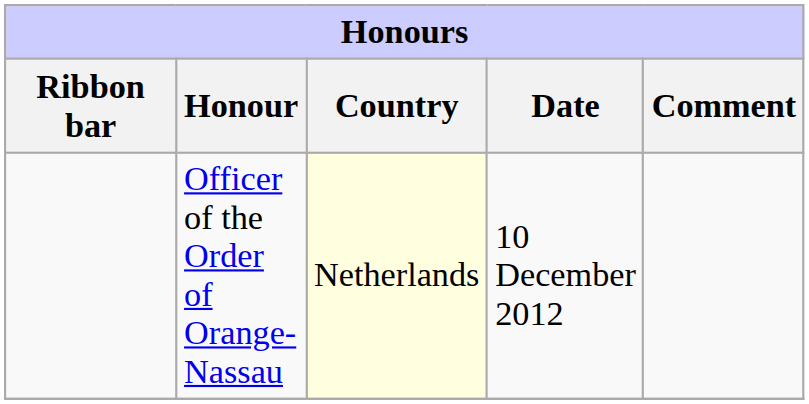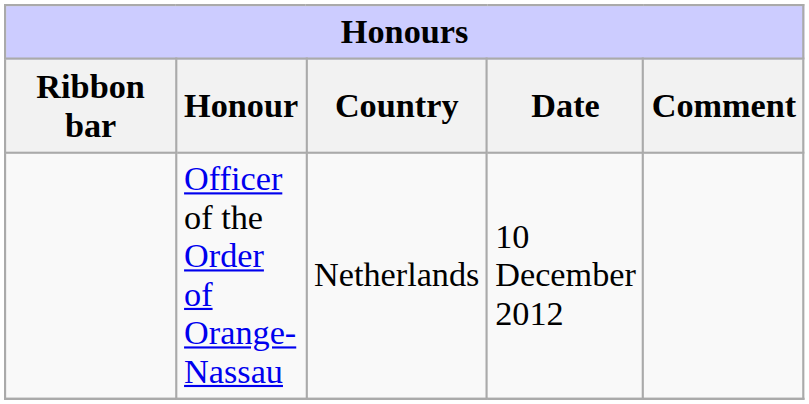 <table class="wikitable" style="width:60%;">
 <tr style="background:#ccf; text-align:center;">
 <td colspan=5><strong>Honours</strong></td>
 </tr>
 <tr>
 <th style="width:80px;">Ribbon bar</th>
 <th>Honour</th>
 <th>Country</th>
 <th>Date</th>
 <th>Comment</th>
 </tr>
 <tr>
 <td></td>
 <td><a href='#'>Officer</a> of the <a href='#'>Order of Orange-Nassau</a></td>
-<td style="background: lightyellow;">Netherlands</td>
+<td>Netherlands</td>
 <td>10 December 2012</td>
 <td></td>
 </tr>
 <tr>
 </tr>
 </table>
